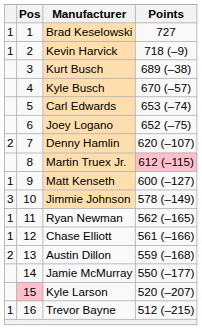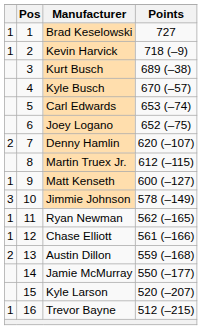 <table class="wikitable" style="font-size:95%">
 <tr>
 </tr>
 <tr>
 <th></th>
 <th>Pos</th>
 <th>Manufacturer</th>
 <th>Points</th>
 </tr>
 <tr>
 <td align="left"> 1</td>
 <td style="text-align:center;">1</td>
 <td style="background:#FFDEAD;">Brad Keselowski</td>
 <td style="text-align:center;">727</td>
 </tr>
 <tr>
 <td align="left"> 1</td>
 <td style="text-align:center;">2</td>
 <td style="background:#FFDEAD;">Kevin Harvick</td>
 <td style="text-align:center;">718 (–9)</td>
 </tr>
 <tr>
 <td align="left"></td>
 <td style="text-align:center;">3</td>
 <td style="background:#FFDEAD;">Kurt Busch</td>
 <td style="text-align:center;">689 (–38)</td>
 </tr>
 <tr>
 <td align="left"></td>
 <td style="text-align:center;">4</td>
 <td style="background:#FFDEAD;">Kyle Busch</td>
 <td style="text-align:center;">670 (–57)</td>
 </tr>
 <tr>
 <td align="left"></td>
 <td style="text-align:center;">5</td>
 <td style="background:#FFDEAD;">Carl Edwards</td>
 <td style="text-align:center;">653 (–74)</td>
 </tr>
 <tr>
 <td align="left"></td>
 <td style="text-align:center;">6</td>
 <td style="background:#FFDEAD;">Joey Logano</td>
 <td style="text-align:center;">652 (–75)</td>
 </tr>
 <tr>
 <td align="left"> 2</td>
 <td style="text-align:center;">7</td>
 <td style="background:#FFDEAD;">Denny Hamlin</td>
 <td style="text-align:center;">620 (–107)</td>
 </tr>
 <tr>
 <td align="left"></td>
 <td style="text-align:center;">8</td>
 <td style="background:#FFDEAD;">Martin Truex Jr.</td>
-<td style="background: pink; text-align:center;">612 (–115)</td>
+<td style="text-align:center;">612 (–115)</td>
 </tr>
 <tr>
 <td align="left"> 1</td>
 <td style="text-align:center;">9</td>
 <td style="background:#FFDEAD;">Matt Kenseth</td>
 <td style="text-align:center;">600 (–127)</td>
 </tr>
 <tr>
 <td align="left"> 3</td>
 <td style="text-align:center;">10</td>
 <td style="background:#FFDEAD;">Jimmie Johnson</td>
 <td style="text-align:center;">578 (–149)</td>
 </tr>
 <tr>
 <td align="left"> 1</td>
 <td style="text-align:center;">11</td>
 <td>Ryan Newman</td>
 <td style="text-align:center;">562 (–165)</td>
 </tr>
 <tr>
 <td align="left"> 1</td>
 <td style="text-align:center;">12</td>
 <td>Chase Elliott</td>
 <td style="text-align:center;">561 (–166)</td>
 </tr>
 <tr>
 <td align="left"> 2</td>
 <td style="text-align:center;">13</td>
 <td>Austin Dillon</td>
 <td style="text-align:center;">559 (–168)</td>
 </tr>
 <tr>
 <td align="left"></td>
 <td style="text-align:center;">14</td>
 <td>Jamie McMurray</td>
 <td style="text-align:center;">550 (–177)</td>
 </tr>
 <tr>
 <td align="left"></td>
-<td style="background: pink; text-align:center;">15</td>
+<td style="text-align:center;">15</td>
 <td>Kyle Larson</td>
 <td style="text-align:center;">520 (–207)</td>
 </tr>
 <tr>
 <td align="left"> 1</td>
 <td style="text-align:center;">16</td>
 <td>Trevor Bayne</td>
 <td style="text-align:center;">512 (–215)</td>
 </tr>
 <tr class="sortbottom">
 <th colspan="9"></th>
 </tr>
 </table>
